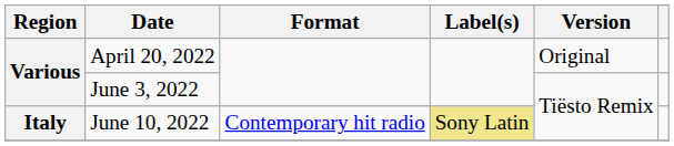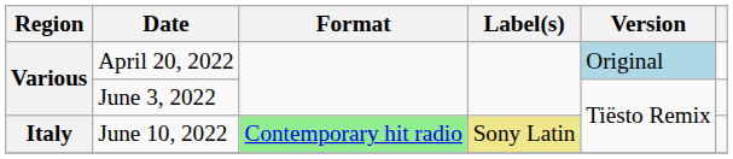 <table class="wikitable plainrowheaders">
 <tr>
 <th scope="col">Region</th>
 <th scope="col">Date</th>
 <th scope="col">Format</th>
 <th scope="col">Label(s)</th>
 <th scope="col">Version</th>
 <th scope="col"></th>
 </tr>
 <tr>
 <th scope="row" rowspan="2">Various</th>
 <td>April 20, 2022</td>
 <td rowspan="2"></td>
 <td rowspan="2"></td>
-<td>Original</td>
+<td style="background: lightblue;">Original</td>
 <td align="center"></td>
 </tr>
 <tr>
 <td>June 3, 2022</td>
 <td rowspan="2">Tiësto Remix</td>
 <td style="text-align:center"></td>
 </tr>
 <tr>
 <th scope="row">Italy</th>
 <td>June 10, 2022</td>
-<td><a href='#'>Contemporary hit radio</a></td>
+<td style="background: lightgreen;"><a href='#'>Contemporary hit radio</a></td>
 <td style="background: khaki;">Sony Latin</td>
 <td style="text-align:center"></td>
 </tr>
 <tr>
 </tr>
 </table>
